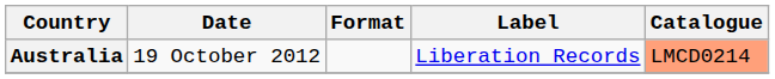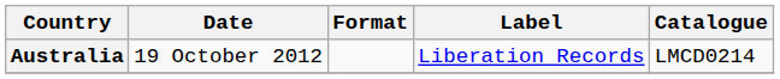 <table class="wikitable plainrowheaders">
 <tr>
 <th scope="col">Country</th>
 <th scope="col">Date</th>
 <th scope="col">Format</th>
 <th scope="col">Label</th>
 <th scope="col">Catalogue</th>
 </tr>
 <tr>
 <th scope="row">Australia</th>
 <td>19 October 2012</td>
 <td></td>
 <td><a href='#'>Liberation Records</a></td>
-<td style="background: lightsalmon;">LMCD0214</td>
+<td>LMCD0214</td>
 </tr>
 <tr>
 </tr>
 </table>
